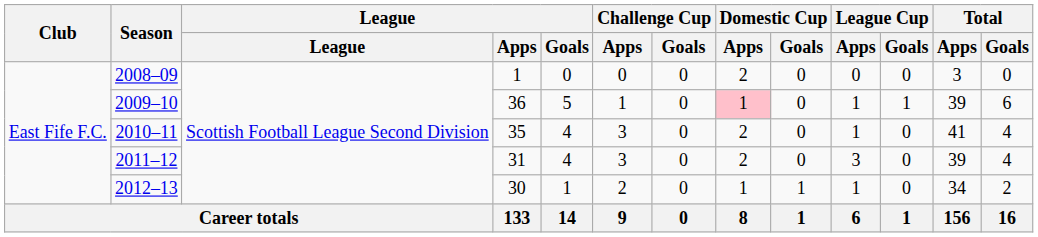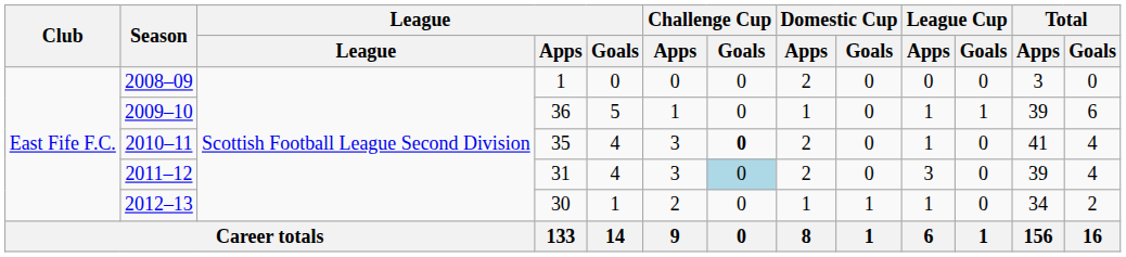 <table class="wikitable" style="text-align:center">
 <tr>
 <th rowspan="2">Club</th>
 <th rowspan="2">Season</th>
 <th colspan="3">League</th>
 <th colspan="2">Challenge Cup</th>
 <th colspan="2">Domestic Cup</th>
 <th colspan="2">League Cup</th>
 <th colspan="2">Total</th>
 </tr>
 <tr>
 <th>League</th>
 <th>Apps</th>
 <th>Goals</th>
 <th>Apps</th>
 <th>Goals</th>
 <th>Apps</th>
 <th>Goals</th>
 <th>Apps</th>
 <th>Goals</th>
 <th>Apps</th>
 <th>Goals</th>
 </tr>
 <tr>
 <td rowspan="5"><a href='#'>East Fife F.C.</a></td>
 <td><a href='#'>2008–09</a></td>
 <td rowspan="5"><a href='#'>Scottish Football League Second Division</a></td>
 <td>1</td>
 <td>0</td>
 <td>0</td>
 <td>0</td>
 <td>2</td>
 <td>0</td>
 <td>0</td>
 <td>0</td>
 <td>3</td>
 <td>0</td>
 </tr>
 <tr>
 <td><a href='#'>2009–10</a></td>
 <td>36</td>
 <td>5</td>
 <td>1</td>
 <td>0</td>
-<td style="background: pink;">1</td>
+<td>1</td>
 <td>0</td>
 <td>1</td>
 <td>1</td>
 <td>39</td>
 <td>6</td>
 </tr>
 <tr>
 <td><a href='#'>2010–11</a></td>
 <td>35</td>
 <td>4</td>
 <td>3</td>
-<td>0</td>
+<td><strong>0</strong></td>
 <td>2</td>
 <td>0</td>
 <td>1</td>
 <td>0</td>
 <td>41</td>
 <td>4</td>
 </tr>
 <tr>
 <td><a href='#'>2011–12</a></td>
 <td>31</td>
 <td>4</td>
 <td>3</td>
-<td>0</td>
+<td style="background: lightblue;">0</td>
 <td>2</td>
 <td>0</td>
 <td>3</td>
 <td>0</td>
 <td>39</td>
 <td>4</td>
 </tr>
 <tr>
 <td><a href='#'>2012–13</a></td>
 <td>30</td>
 <td>1</td>
 <td>2</td>
 <td>0</td>
 <td>1</td>
 <td>1</td>
 <td>1</td>
 <td 0>0</td>
 <td>34</td>
 <td>2</td>
 </tr>
 <tr>
 <th colspan="3">Career totals</th>
 <th>133</th>
 <th>14</th>
 <th>9</th>
 <th>0</th>
 <th>8</th>
 <th>1</th>
 <th>6</th>
 <th>1</th>
 <th>156</th>
 <th>16</th>
 </tr>
 </table>
